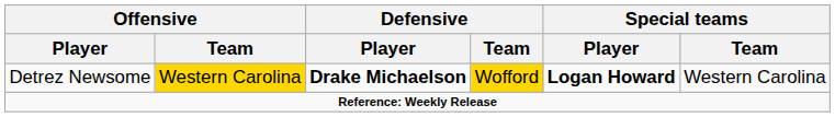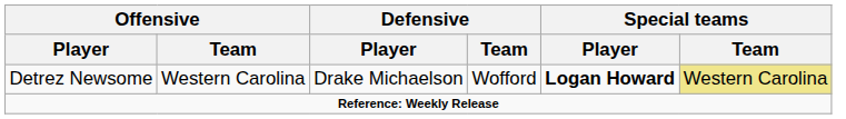 <table class="wikitable" border="1">
 <tr>
 <th colspan="2">Offensive</th>
 <th colspan="2">Defensive</th>
 <th colspan="2">Special teams</th>
 </tr>
 <tr>
 <th>Player</th>
 <th>Team</th>
 <th>Player</th>
 <th>Team</th>
 <th>Player</th>
 <th>Team</th>
 </tr>
 <tr>
 <td>Detrez Newsome</td>
-<td style="background: gold;">Western Carolina</td>
-<td><strong>Drake Michaelson</strong></td>
-<td style="background: gold;">Wofford</td>
+<td>Western Carolina</td>
+<td>Drake Michaelson</td>
+<td>Wofford</td>
 <td><strong>Logan Howard</strong></td>
-<td>Western Carolina</td>
+<td style="background: khaki;">Western Carolina</td>
 </tr>
 <tr>
 <td colspan="8" style="font-size: 8pt" align="center"><strong>Reference: Weekly Release</strong></td>
 </tr>
 </table>
